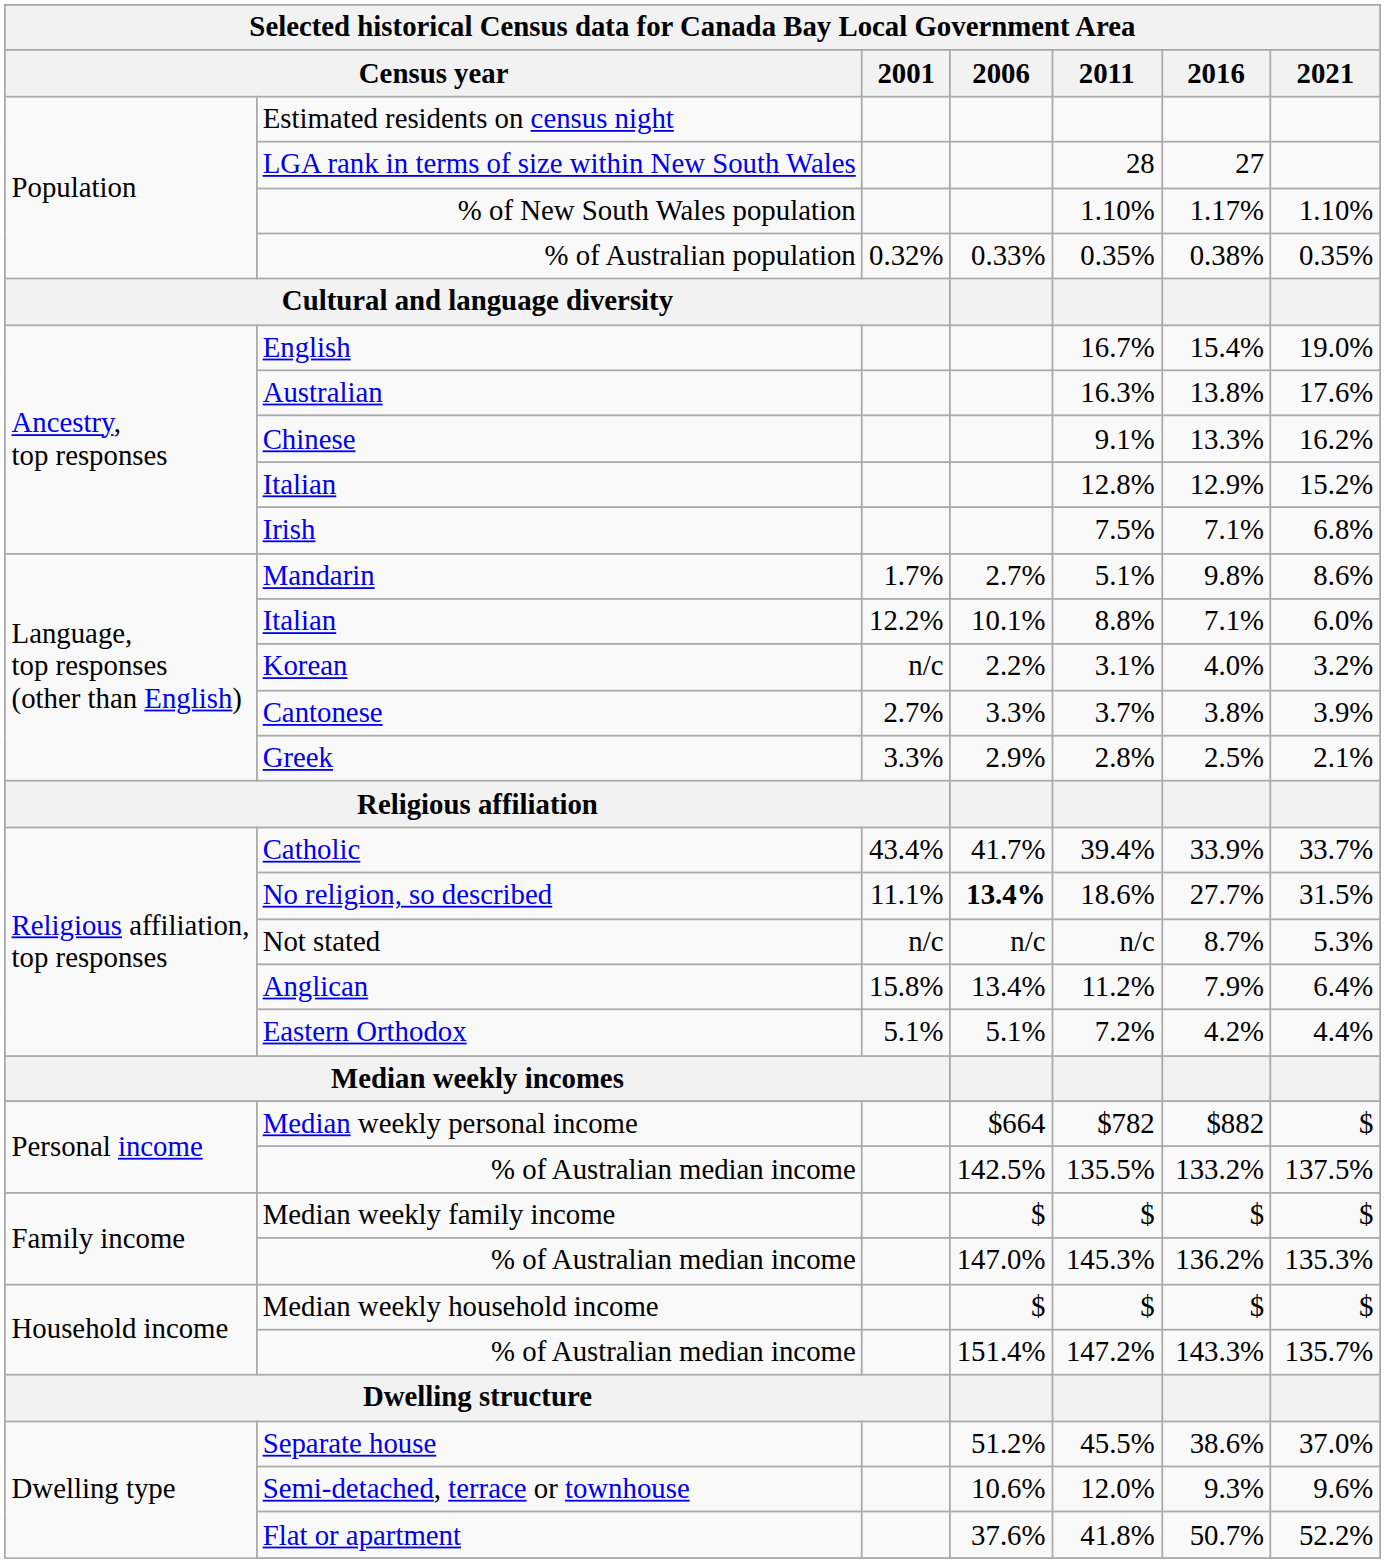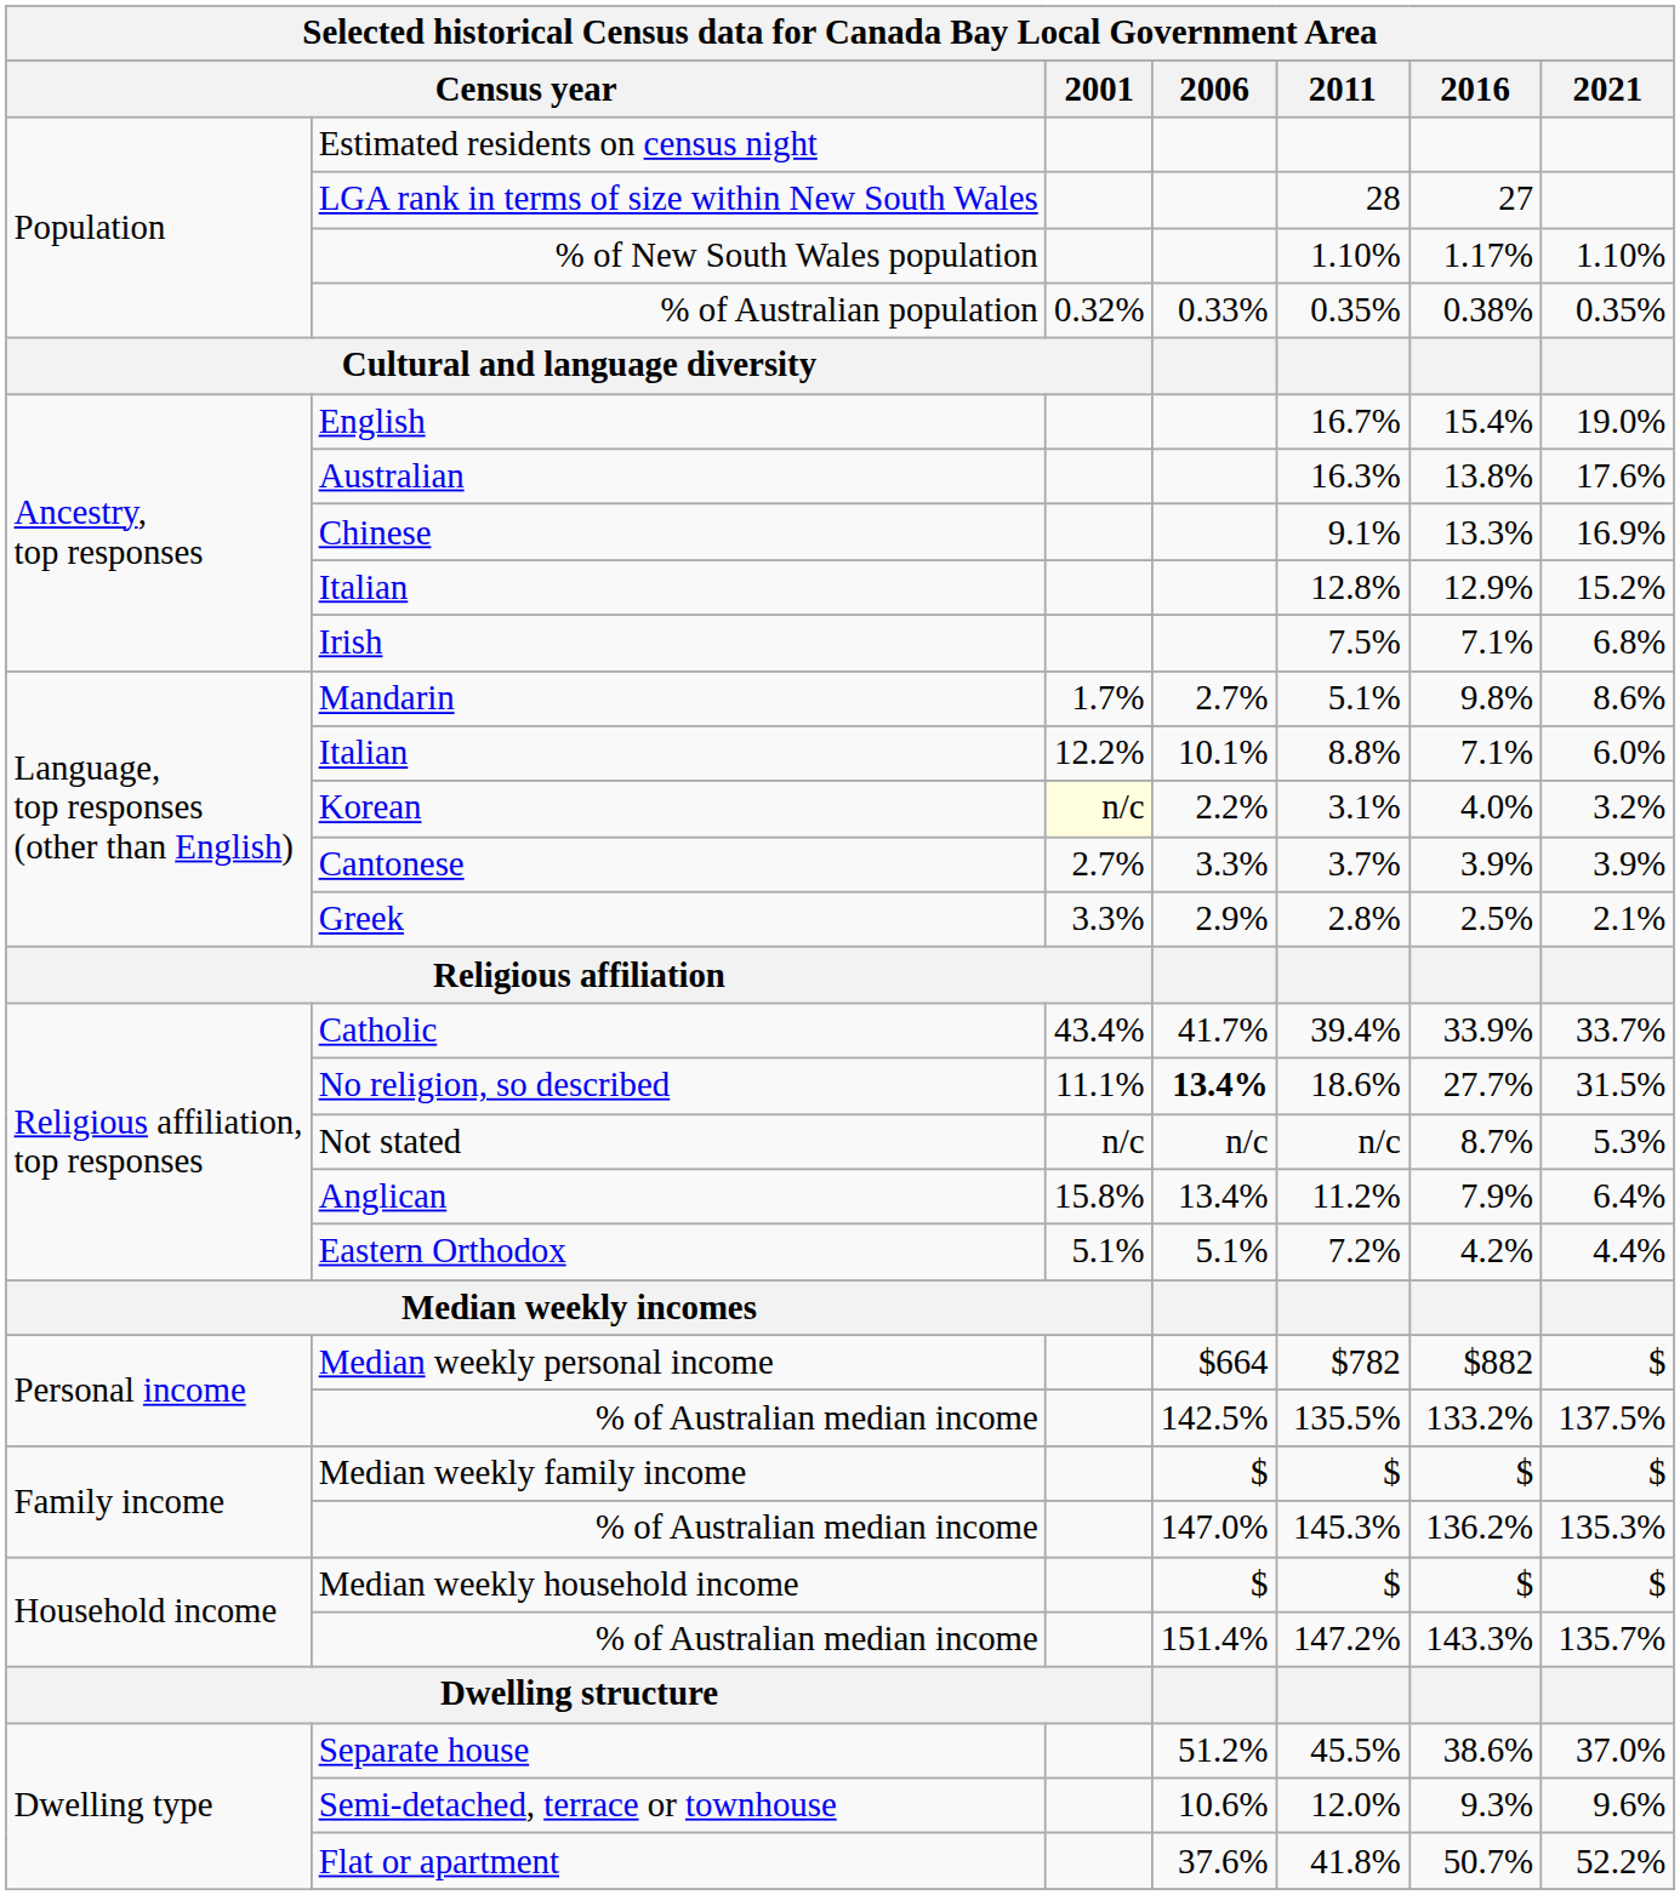 <table class="wikitable">
 <tr>
 <th colspan=8>Selected historical Census data for Canada Bay Local Government Area</th>
 </tr>
 <tr>
 <th colspan=3>Census year</th>
 <th>2001</th>
 <th>2006</th>
 <th>2011</th>
 <th>2016</th>
 <th>2021</th>
 </tr>
 <tr>
 <td rowspan=4 colspan="2">Population</td>
 <td>Estimated residents on <a href='#'>census night</a></td>
 <td align="right"></td>
 <td align="right"> </td>
 <td align="right"> </td>
 <td align="right"> </td>
 <td align="right"> </td>
 </tr>
 <tr>
 <td align="right"><a href='#'>LGA rank in terms of size within New South Wales</a></td>
 <td align="right"></td>
 <td align="right"></td>
 <td align="right">28</td>
 <td align="right"> 27</td>
 <td align="right"></td>
 </tr>
 <tr>
 <td align="right">% of New South Wales population</td>
 <td align="right"></td>
 <td align="right"></td>
 <td align="right">1.10%</td>
 <td align="right"> 1.17%</td>
 <td align="right"> 1.10%</td>
 </tr>
 <tr>
 <td align="right">% of Australian population</td>
 <td align="right">0.32%</td>
 <td align="right"> 0.33%</td>
 <td align="right"> 0.35%</td>
 <td align="right"> 0.38%</td>
 <td align="right"> 0.35%</td>
 </tr>
 <tr>
 <th colspan=4>Cultural and language diversity</th>
 <th></th>
 <th></th>
 <th></th>
 <th></th>
 </tr>
 <tr>
 <td rowspan=5 colspan=2><a href='#'>Ancestry</a>,<br>top responses</td>
 <td><a href='#'>English</a></td>
 <td align="right"></td>
 <td align="right"></td>
 <td align="right">16.7%</td>
 <td align="right"> 15.4%</td>
 <td align="right"> 19.0%</td>
 </tr>
 <tr>
 <td><a href='#'>Australian</a></td>
 <td align="right"></td>
 <td align="right"></td>
 <td align="right">16.3%</td>
 <td align="right"> 13.8%</td>
 <td align="right"> 17.6%</td>
 </tr>
 <tr>
 <td><a href='#'>Chinese</a></td>
 <td align="right"></td>
 <td align="right"></td>
 <td align="right">9.1%</td>
 <td align="right"> 13.3%</td>
-<td align="right"> 16.2%</td>
+<td align="right"> 16.9%</td>
 </tr>
 <tr>
 <td><a href='#'>Italian</a></td>
 <td align="right"></td>
 <td align="right"></td>
 <td align="right">12.8%</td>
 <td align="right"> 12.9%</td>
 <td align="right"> 15.2%</td>
 </tr>
 <tr>
 <td><a href='#'>Irish</a></td>
 <td align="right"></td>
 <td align="right"></td>
 <td align="right">7.5%</td>
 <td align="right"> 7.1%</td>
 <td align="right"> 6.8%</td>
 </tr>
 <tr>
 <td rowspan=5 colspan=2>Language,<br>top responses<br>(other than <a href='#'>English</a>)</td>
 <td><a href='#'>Mandarin</a></td>
 <td align="right">1.7%</td>
 <td align="right"> 2.7%</td>
 <td align="right"> 5.1%</td>
 <td align="right"> 9.8%</td>
 <td align="right"> 8.6%</td>
 </tr>
 <tr>
 <td><a href='#'>Italian</a></td>
 <td align="right">12.2%</td>
 <td align="right"> 10.1%</td>
 <td align="right"> 8.8%</td>
 <td align="right"> 7.1%</td>
 <td align="right"> 6.0%</td>
 </tr>
 <tr>
 <td><a href='#'>Korean</a></td>
-<td align="right">n/c</td>
+<td align="right" style="background: lightyellow;">n/c</td>
 <td align="right"> 2.2%</td>
 <td align="right"> 3.1%</td>
 <td align="right"> 4.0%</td>
 <td align="right"> 3.2%</td>
 </tr>
 <tr>
 <td><a href='#'>Cantonese</a></td>
 <td align="right">2.7%</td>
 <td align="right"> 3.3%</td>
 <td align="right"> 3.7%</td>
-<td align="right"> 3.8%</td>
+<td align="right"> 3.9%</td>
 <td align="right"> 3.9%</td>
 </tr>
 <tr>
 <td><a href='#'>Greek</a></td>
 <td align="right">3.3%</td>
 <td align="right"> 2.9%</td>
 <td align="right"> 2.8%</td>
 <td align="right"> 2.5%</td>
 <td align="right"> 2.1%</td>
 </tr>
 <tr>
 <th colspan=4>Religious affiliation</th>
 <th></th>
 <th></th>
 <th></th>
 <th></th>
 </tr>
 <tr>
 <td rowspan=5 colspan=2><a href='#'>Religious</a> affiliation,<br>top responses</td>
 <td><a href='#'>Catholic</a></td>
 <td align="right">43.4%</td>
 <td align="right"> 41.7%</td>
 <td align="right"> 39.4%</td>
 <td align="right"> 33.9%</td>
 <td align="right"> 33.7%</td>
 </tr>
 <tr>
 <td><a href='#'>No religion, so described</a></td>
 <td align="right">11.1%</td>
 <td align="right"><strong> 13.4%</strong></td>
 <td align="right"> 18.6%</td>
 <td align="right"> 27.7%</td>
 <td align="right"> 31.5%</td>
 </tr>
 <tr>
 <td>Not stated</td>
 <td align="right">n/c</td>
 <td align="right">n/c</td>
 <td align="right">n/c</td>
 <td align="right"> 8.7%</td>
 <td align="right"> 5.3%</td>
 </tr>
 <tr>
 <td><a href='#'>Anglican</a></td>
 <td align="right">15.8%</td>
 <td align="right"> 13.4%</td>
 <td align="right"> 11.2%</td>
 <td align="right"> 7.9%</td>
 <td align="right"> 6.4%</td>
 </tr>
 <tr>
 <td><a href='#'>Eastern Orthodox</a></td>
 <td align="right">5.1%</td>
 <td align="right"> 5.1%</td>
 <td align="right"> 7.2%</td>
 <td align="right"> 4.2%</td>
 <td align="right"> 4.4%</td>
 </tr>
 <tr>
 <th colspan=4>Median weekly incomes</th>
 <th></th>
 <th></th>
 <th></th>
 <th></th>
 </tr>
 <tr>
 <td rowspan=2 colspan=2>Personal <a href='#'>income</a></td>
 <td><a href='#'>Median</a> weekly personal income</td>
 <td align="right"></td>
 <td align="right">$664</td>
 <td align="right"> $782</td>
 <td align="right"> $882</td>
 <td align="right"> $</td>
 </tr>
 <tr>
 <td align="right">% of Australian median income</td>
 <td align="right"></td>
 <td align="right">142.5%</td>
 <td align="right"> 135.5%</td>
 <td align="right"> 133.2%</td>
 <td align="right"> 137.5%</td>
 </tr>
 <tr>
 <td rowspan=2 colspan=2>Family income</td>
 <td>Median weekly family income</td>
 <td align="right"></td>
 <td align="right">$</td>
 <td align="right"> $</td>
 <td align="right"> $</td>
 <td align="right"> $</td>
 </tr>
 <tr>
 <td align="right">% of Australian median income</td>
 <td align="right"></td>
 <td align="right">147.0%</td>
 <td align="right"> 145.3%</td>
 <td align="right"> 136.2%</td>
 <td align="right"> 135.3%</td>
 </tr>
 <tr>
 <td rowspan=2 colspan=2>Household income</td>
 <td>Median weekly household income</td>
 <td align="right"></td>
 <td align="right">$</td>
 <td align="right"> $</td>
 <td align="right"> $</td>
 <td align="right"> $</td>
 </tr>
 <tr>
 <td align="right">% of Australian median income</td>
 <td align="right"></td>
 <td align="right">151.4%</td>
 <td align="right"> 147.2%</td>
 <td align="right"> 143.3%</td>
 <td align="right"> 135.7%</td>
 </tr>
 <tr>
 <th colspan=4>Dwelling structure</th>
 <th></th>
 <th></th>
 <th></th>
 <th></th>
 </tr>
 <tr>
 <td rowspan=4 colspan=2>Dwelling type</td>
 <td><a href='#'>Separate house</a></td>
 <td align="right"></td>
 <td align="right">51.2%</td>
 <td align="right"> 45.5%</td>
 <td align="right"> 38.6%</td>
 <td align="right"> 37.0%</td>
 </tr>
 <tr>
 <td><a href='#'>Semi-detached</a>, <a href='#'>terrace</a> or <a href='#'>townhouse</a></td>
 <td align="right"></td>
 <td align="right">10.6%</td>
 <td align="right"> 12.0%</td>
 <td align="right"> 9.3%</td>
 <td align="right"> 9.6%</td>
 </tr>
 <tr>
 <td><a href='#'>Flat or apartment</a></td>
 <td align="right"></td>
 <td align="right">37.6%</td>
 <td align="right"> 41.8%</td>
 <td align="right"> 50.7%</td>
 <td align="right"> 52.2%</td>
 </tr>
 <tr>
 </tr>
 </table>
